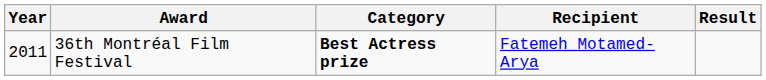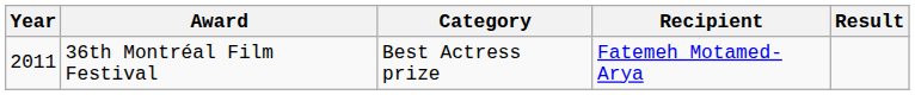 <table class="wikitable">
 <tr>
 <th>Year</th>
 <th>Award</th>
 <th>Category</th>
 <th>Recipient</th>
 <th>Result</th>
 </tr>
 <tr>
 <td rowspan="6">2011</td>
 <td>36th Montréal Film Festival</td>
-<td><strong>Best Actress prize</strong></td>
+<td>Best Actress prize</td>
 <td><a href='#'>Fatemeh Motamed-Arya</a></td>
 <td></td>
 </tr>
 </table>
